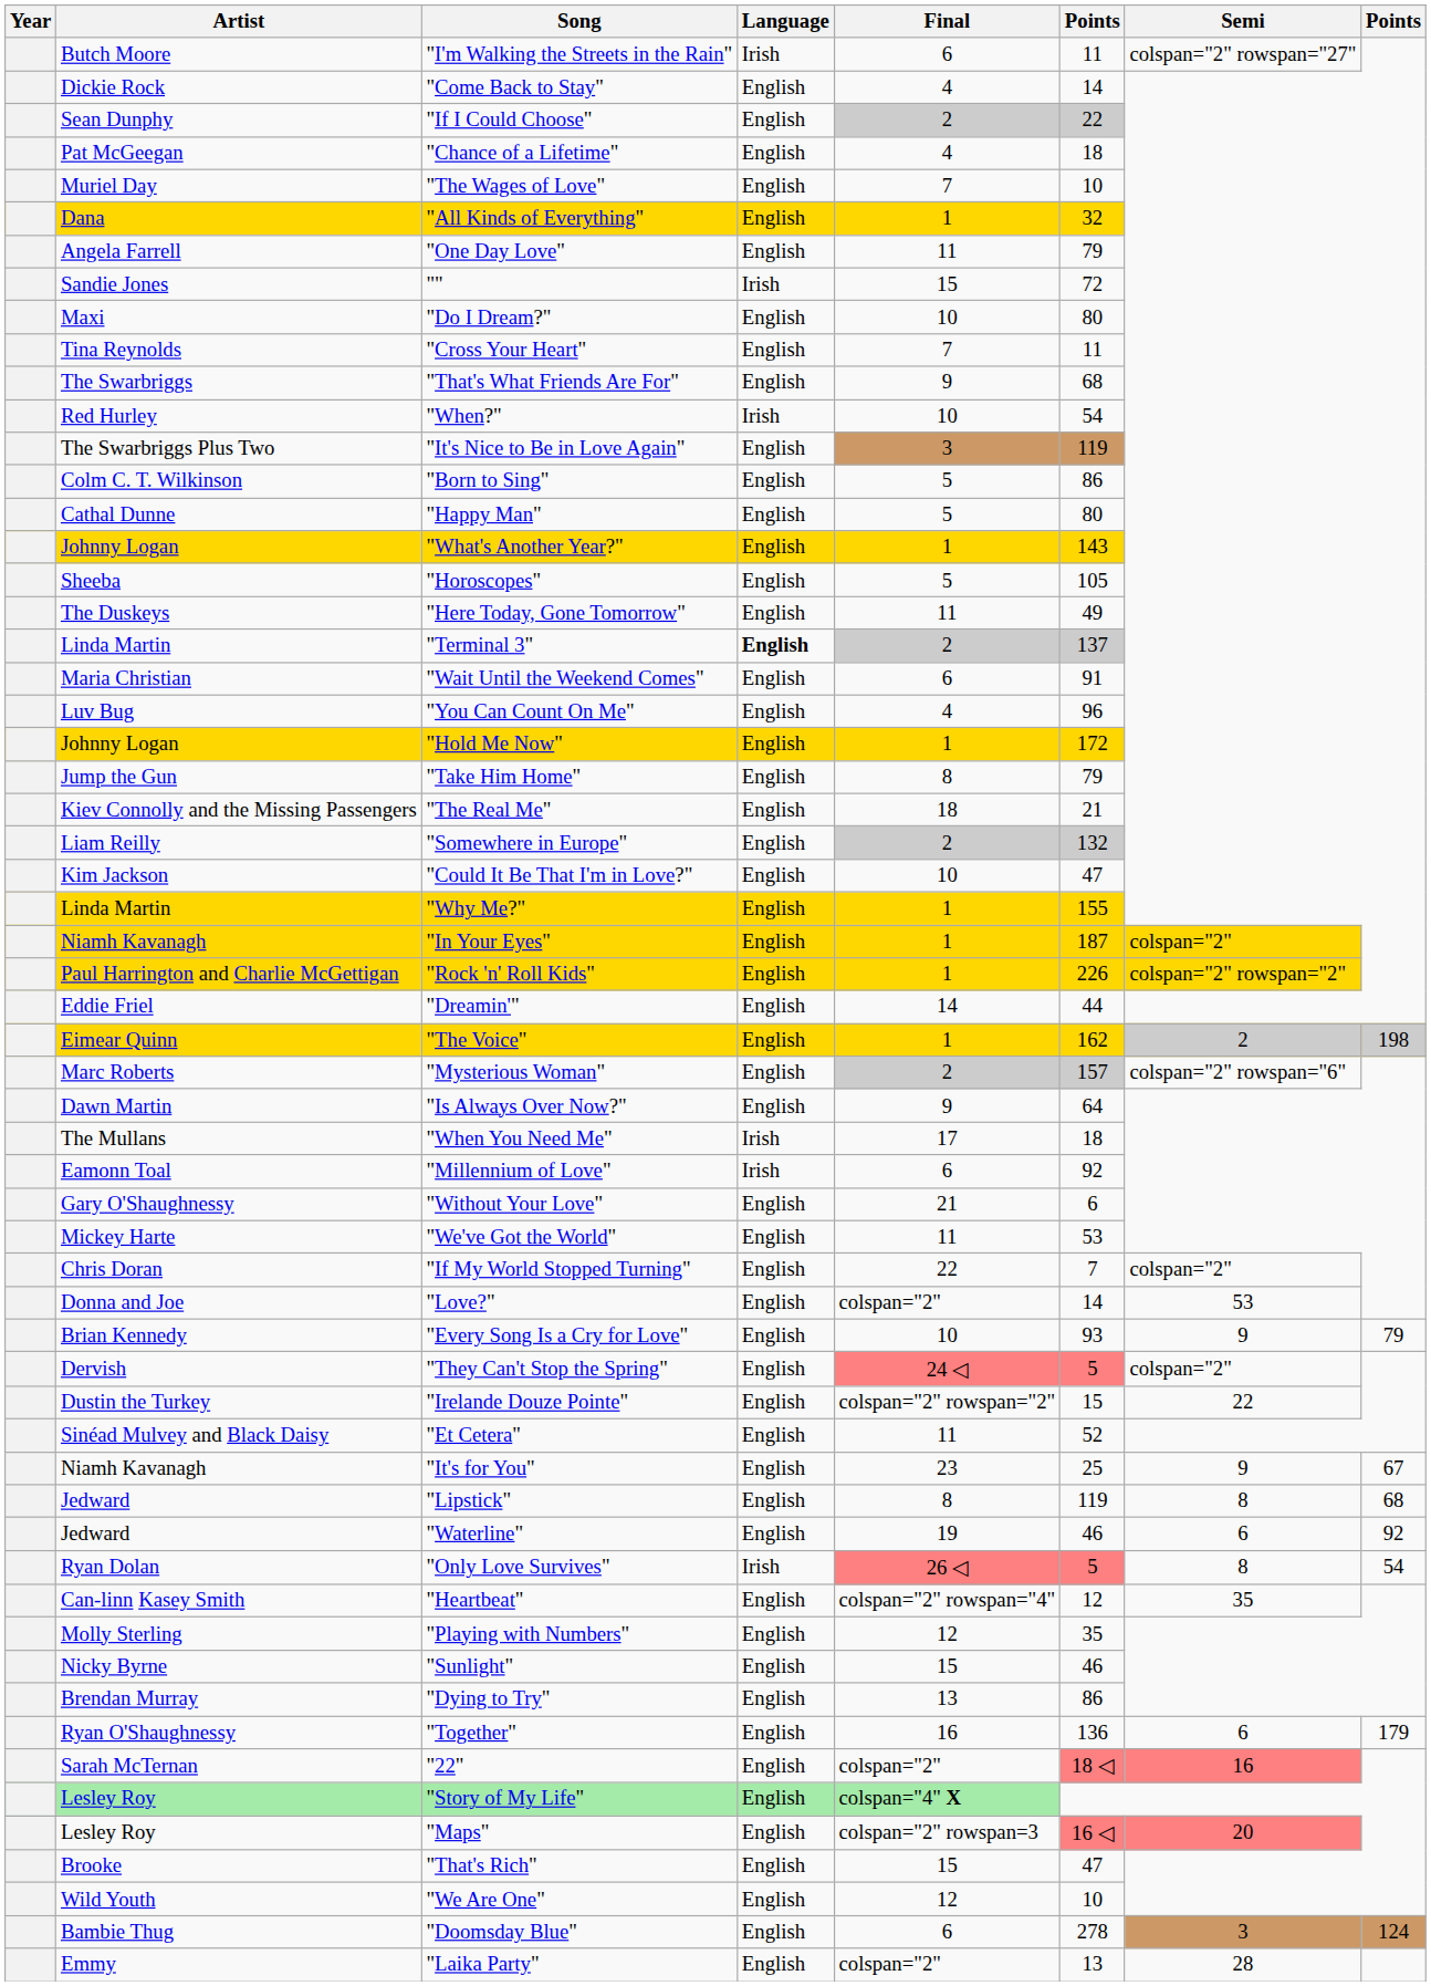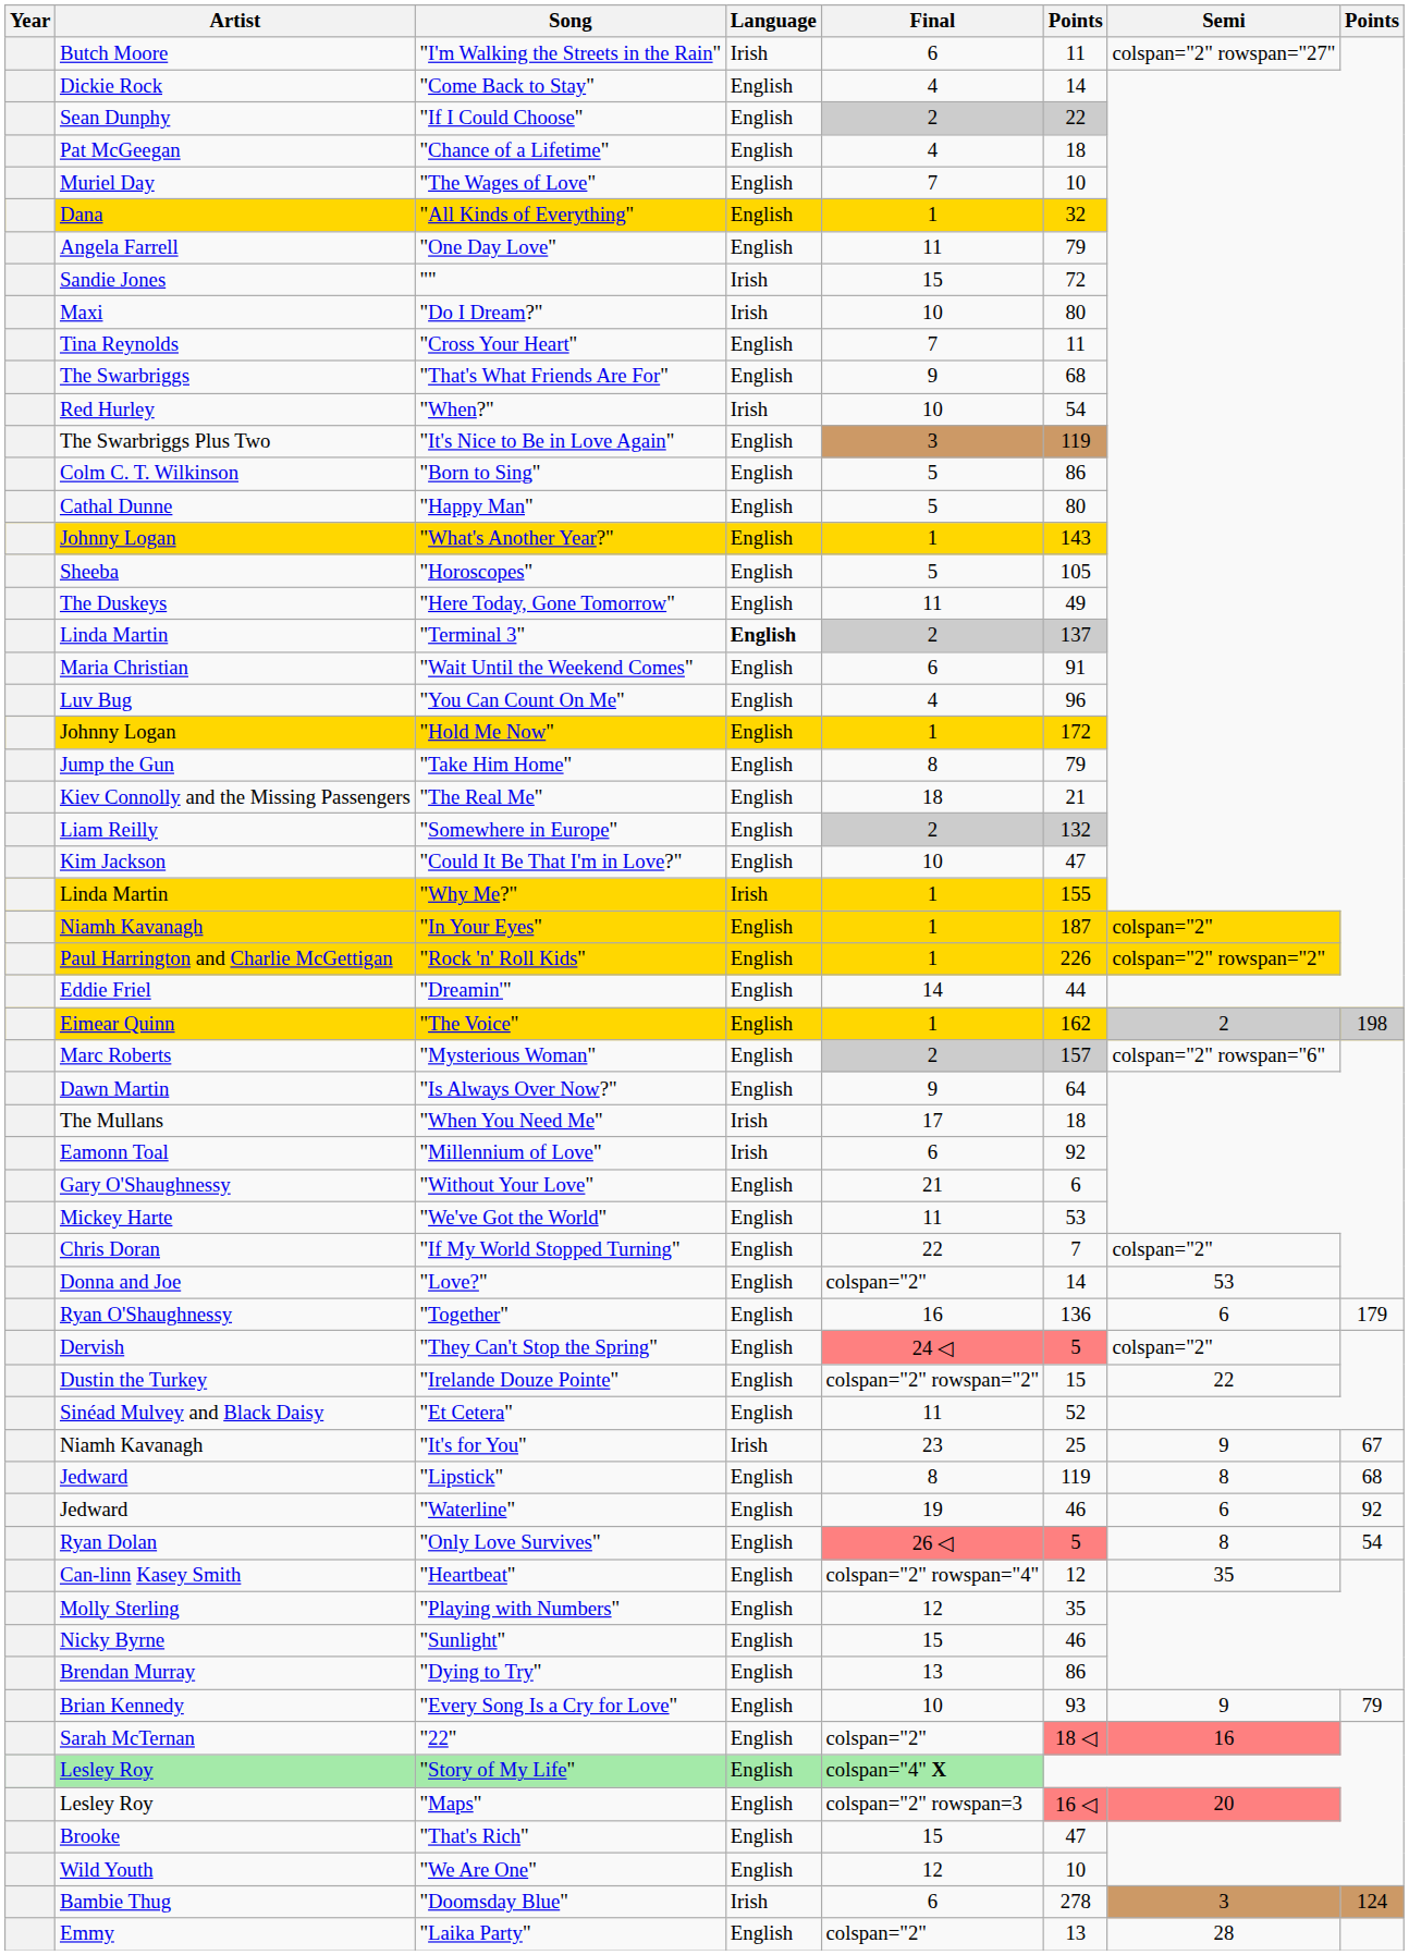 <table class="wikitable sortable plainrowheaders">
 <tr>
 <th scope="col">Year</th>
 <th scope="col">Artist</th>
 <th scope="col">Song</th>
 <th scope="col">Language</th>
 <th scope="col" data-sort-type="number">Final</th>
 <th scope="col" data-sort-type="number">Points</th>
 <th scope="col" data-sort-type="number">Semi</th>
 <th scope="col" data-sort-type="number">Points</th>
 </tr>
 <tr>
 <th scope="row" style="text-align:center;"></th>
 <td><a href='#'>Butch Moore</a></td>
 <td>"<a href='#'>I'm Walking the Streets in the Rain</a>"</td>
 <td>Irish</td>
 <td style="text-align:center;">6</td>
 <td style="text-align:center;">11</td>
 <td>colspan="2" rowspan="27" </td>
 </tr>
 <tr>
 <th scope="row" style="text-align:center;"></th>
 <td><a href='#'>Dickie Rock</a></td>
 <td>"<a href='#'>Come Back to Stay</a>"</td>
 <td>English</td>
 <td style="text-align:center;">4</td>
 <td style="text-align:center;">14</td>
 </tr>
 <tr>
 <th scope="row" style="text-align:center;"></th>
 <td><a href='#'>Sean Dunphy</a></td>
 <td>"<a href='#'>If I Could Choose</a>"</td>
 <td>English</td>
 <td style="text-align:center; background-color:#CCC;">2</td>
 <td style="text-align:center; background-color:#CCC;">22</td>
 </tr>
 <tr>
 <th scope="row" style="text-align:center;"></th>
 <td><a href='#'>Pat McGeegan</a></td>
 <td>"<a href='#'>Chance of a Lifetime</a>"</td>
 <td>English</td>
 <td style="text-align:center;">4</td>
 <td style="text-align:center;">18</td>
 </tr>
 <tr>
 <th scope="row" style="text-align:center;"></th>
 <td><a href='#'>Muriel Day</a></td>
 <td>"<a href='#'>The Wages of Love</a>"</td>
 <td>English</td>
 <td style="text-align:center;">7</td>
 <td style="text-align:center;">10</td>
 </tr>
 <tr style="background-color:#FFD700;">
 <th scope="row" style="text-align:center;"></th>
 <td><a href='#'>Dana</a></td>
 <td>"<a href='#'>All Kinds of Everything</a>"</td>
 <td>English</td>
 <td style="text-align:center;">1</td>
 <td style="text-align:center;">32</td>
 </tr>
 <tr>
 <th scope="row" style="text-align:center;"></th>
 <td><a href='#'>Angela Farrell</a></td>
 <td>"<a href='#'>One Day Love</a>"</td>
 <td>English</td>
 <td style="text-align:center;">11</td>
 <td style="text-align:center;">79</td>
 </tr>
 <tr>
 <th scope="row" style="text-align:center;"></th>
 <td><a href='#'>Sandie Jones</a></td>
 <td>""</td>
 <td>Irish</td>
 <td style="text-align:center;">15</td>
 <td style="text-align:center;">72</td>
 </tr>
 <tr>
 <th scope="row" style="text-align:center;"></th>
 <td><a href='#'>Maxi</a></td>
 <td>"<a href='#'>Do I Dream</a>?"</td>
-<td>English</td>
+<td>Irish</td>
 <td style="text-align:center;">10</td>
 <td style="text-align:center;">80</td>
 </tr>
 <tr>
 <th scope="row" style="text-align:center;"></th>
 <td><a href='#'>Tina Reynolds</a></td>
 <td>"<a href='#'>Cross Your Heart</a>"</td>
 <td>English</td>
 <td style="text-align:center;">7</td>
 <td style="text-align:center;">11</td>
 </tr>
 <tr>
 <th scope="row" style="text-align:center;"></th>
 <td><a href='#'>The Swarbriggs</a></td>
 <td>"<a href='#'>That's What Friends Are For</a>"</td>
 <td>English</td>
 <td style="text-align:center;">9</td>
 <td style="text-align:center;">68</td>
 </tr>
 <tr>
 <th scope="row" style="text-align:center;"></th>
 <td><a href='#'>Red Hurley</a></td>
 <td>"<a href='#'>When</a>?"</td>
 <td>Irish</td>
 <td style="text-align:center;">10</td>
 <td style="text-align:center;">54</td>
 </tr>
 <tr>
 <th scope="row" style="text-align:center;"></th>
 <td>The Swarbriggs Plus Two</td>
 <td>"<a href='#'>It's Nice to Be in Love Again</a>"</td>
 <td>English</td>
 <td style="text-align:center; background-color:#C96;">3</td>
 <td style="text-align:center; background-color:#C96;">119</td>
 </tr>
 <tr>
 <th scope="row" style="text-align:center;"></th>
 <td><a href='#'>Colm C. T. Wilkinson</a></td>
 <td>"<a href='#'>Born to Sing</a>"</td>
 <td>English</td>
 <td style="text-align:center;">5</td>
 <td style="text-align:center;">86</td>
 </tr>
 <tr>
 <th scope="row" style="text-align:center;"></th>
 <td><a href='#'>Cathal Dunne</a></td>
 <td>"<a href='#'>Happy Man</a>"</td>
 <td>English</td>
 <td style="text-align:center;">5</td>
 <td style="text-align:center;">80</td>
 </tr>
 <tr style="background-color:#FFD700;">
 <th scope="row" style="text-align:center;"></th>
 <td><a href='#'>Johnny Logan</a></td>
 <td>"<a href='#'>What's Another Year</a>?"</td>
 <td>English</td>
 <td style="text-align:center;">1</td>
 <td style="text-align:center;">143</td>
 </tr>
 <tr>
 <th scope="row" style="text-align:center;"></th>
 <td><a href='#'>Sheeba</a></td>
 <td>"<a href='#'>Horoscopes</a>"</td>
 <td>English</td>
 <td style="text-align:center;">5</td>
 <td style="text-align:center;">105</td>
 </tr>
 <tr>
 <th scope="row" style="text-align:center;"></th>
 <td><a href='#'>The Duskeys</a></td>
 <td>"<a href='#'>Here Today, Gone Tomorrow</a>"</td>
 <td>English</td>
 <td style="text-align:center;">11</td>
 <td style="text-align:center;">49</td>
 </tr>
 <tr>
 <th scope="row" style="text-align:center;"></th>
 <td><a href='#'>Linda Martin</a></td>
 <td>"<a href='#'>Terminal 3</a>"</td>
 <td><strong>English</strong></td>
 <td style="text-align:center; background-color:#CCC;">2</td>
 <td style="text-align:center; background-color:#CCC;">137</td>
 </tr>
 <tr>
 <th scope="row" style="text-align:center;"></th>
 <td><a href='#'>Maria Christian</a></td>
 <td>"<a href='#'>Wait Until the Weekend Comes</a>"</td>
 <td>English</td>
 <td style="text-align:center;">6</td>
 <td style="text-align:center;">91</td>
 </tr>
 <tr>
 <th scope="row" style="text-align:center;"></th>
 <td><a href='#'>Luv Bug</a></td>
 <td>"<a href='#'>You Can Count On Me</a>"</td>
 <td>English</td>
 <td style="text-align:center;">4</td>
 <td style="text-align:center;">96</td>
 </tr>
 <tr style="background-color:#FFD700;">
 <th scope="row" style="text-align:center;"></th>
 <td>Johnny Logan</td>
 <td>"<a href='#'>Hold Me Now</a>"</td>
 <td>English</td>
 <td style="text-align:center;">1</td>
 <td style="text-align:center;">172</td>
 </tr>
 <tr>
 <th scope="row" style="text-align:center;"></th>
 <td><a href='#'>Jump the Gun</a></td>
 <td>"<a href='#'>Take Him Home</a>"</td>
 <td>English</td>
 <td style="text-align:center;">8</td>
 <td style="text-align:center;">79</td>
 </tr>
 <tr>
 <th scope="row" style="text-align:center;"></th>
 <td><a href='#'>Kiev Connolly</a> and the Missing Passengers</td>
 <td>"<a href='#'>The Real Me</a>"</td>
 <td>English</td>
 <td style="text-align:center;">18</td>
 <td style="text-align:center;">21</td>
 </tr>
 <tr>
 <th scope="row" style="text-align:center;"></th>
 <td><a href='#'>Liam Reilly</a></td>
 <td>"<a href='#'>Somewhere in Europe</a>"</td>
 <td>English</td>
 <td style="text-align:center; background-color:#CCC;">2</td>
 <td style="text-align:center; background-color:#CCC;">132</td>
 </tr>
 <tr>
 <th scope="row" style="text-align:center;"></th>
 <td><a href='#'>Kim Jackson</a></td>
 <td>"<a href='#'>Could It Be That I'm in Love</a>?"</td>
 <td>English</td>
 <td style="text-align:center;">10</td>
 <td style="text-align:center;">47</td>
 </tr>
 <tr style="background-color:#FFD700;">
 <th scope="row" style="text-align:center;"></th>
 <td>Linda Martin</td>
 <td>"<a href='#'>Why Me</a>?"</td>
-<td>English</td>
+<td>Irish</td>
 <td style="text-align:center;">1</td>
 <td style="text-align:center;">155</td>
 </tr>
 <tr style="background-color:#FFD700;">
 <th scope="row" style="text-align:center;"></th>
 <td><a href='#'>Niamh Kavanagh</a></td>
 <td>"<a href='#'>In Your Eyes</a>"</td>
 <td>English</td>
 <td style="text-align:center;">1</td>
 <td style="text-align:center;">187</td>
 <td>colspan="2" </td>
 </tr>
 <tr style="background-color:#FFD700;">
 <th scope="row" style="text-align:center;"></th>
 <td><a href='#'>Paul Harrington</a> and <a href='#'>Charlie McGettigan</a></td>
 <td>"<a href='#'>Rock 'n' Roll Kids</a>"</td>
 <td>English</td>
 <td style="text-align:center;">1</td>
 <td style="text-align:center;">226</td>
 <td>colspan="2" rowspan="2" </td>
 </tr>
 <tr>
 <th scope="row" style="text-align:center;"></th>
 <td><a href='#'>Eddie Friel</a></td>
 <td>"<a href='#'>Dreamin'</a><span>"</span></td>
 <td>English</td>
 <td style="text-align:center;">14</td>
 <td style="text-align:center;">44</td>
 </tr>
 <tr style="background-color:#FFD700;">
 <th scope="row" style="text-align:center;"></th>
 <td><a href='#'>Eimear Quinn</a></td>
 <td>"<a href='#'>The Voice</a>"</td>
 <td>English</td>
 <td style="text-align:center;">1</td>
 <td style="text-align:center;">162</td>
 <td style="text-align:center; background-color:#CCC;">2</td>
 <td style="text-align:center; background-color:#CCC;">198</td>
 </tr>
 <tr>
 <th scope="row" style="text-align:center;"></th>
 <td><a href='#'>Marc Roberts</a></td>
 <td>"<a href='#'>Mysterious Woman</a>"</td>
 <td>English</td>
 <td style="text-align:center; background-color:#CCC;">2</td>
 <td style="text-align:center; background-color:#CCC;">157</td>
 <td>colspan="2" rowspan="6" </td>
 </tr>
 <tr>
 <th scope="row" style="text-align:center;"></th>
 <td><a href='#'>Dawn Martin</a></td>
 <td>"<a href='#'>Is Always Over Now</a>?"</td>
 <td>English</td>
 <td style="text-align:center;">9</td>
 <td style="text-align:center;">64</td>
 </tr>
 <tr>
 <th scope="row" style="text-align:center;"></th>
 <td>The Mullans</td>
 <td>"<a href='#'>When You Need Me</a>"</td>
 <td>Irish</td>
 <td style="text-align:center;">17</td>
 <td style="text-align:center;">18</td>
 </tr>
 <tr>
 <th scope="row" style="text-align:center;"></th>
 <td><a href='#'>Eamonn Toal</a></td>
 <td>"<a href='#'>Millennium of Love</a>"</td>
 <td>Irish</td>
 <td style="text-align:center;">6</td>
 <td style="text-align:center;">92</td>
 </tr>
 <tr>
 <th scope="row" style="text-align:center;"></th>
 <td><a href='#'>Gary O'Shaughnessy</a></td>
 <td>"<a href='#'>Without Your Love</a>"</td>
 <td>English</td>
 <td style="text-align:center;">21</td>
 <td style="text-align:center;">6</td>
 </tr>
 <tr>
 <th scope="row" style="text-align:center;"></th>
 <td><a href='#'>Mickey Harte</a></td>
 <td>"<a href='#'>We've Got the World</a>"</td>
 <td>English</td>
 <td style="text-align:center;">11</td>
 <td style="text-align:center;">53</td>
 </tr>
 <tr>
 <th scope="row" style="text-align:center;"></th>
 <td><a href='#'>Chris Doran</a></td>
 <td>"<a href='#'>If My World Stopped Turning</a>"</td>
 <td>English</td>
 <td style="text-align:center;">22</td>
 <td style="text-align:center;">7</td>
 <td>colspan="2" </td>
 </tr>
 <tr>
 <th scope="row" style="text-align:center;"></th>
 <td><a href='#'>Donna and Joe</a></td>
 <td>"<a href='#'>Love?</a>"</td>
 <td>English</td>
 <td>colspan="2" </td>
 <td style="text-align:center;">14</td>
 <td style="text-align:center;">53</td>
 </tr>
 <tr>
 <th scope="row" style="text-align:center;"></th>
-<td><a href='#'>Brian Kennedy</a></td>
-<td>"<a href='#'>Every Song Is a Cry for Love</a>"</td>
+<td><a href='#'>Ryan O'Shaughnessy</a></td>
+<td>"<a href='#'>Together</a>"</td>
 <td>English</td>
-<td style="text-align:center;">10</td>
-<td style="text-align:center;">93</td>
-<td style="text-align:center;">9</td>
-<td style="text-align:center;">79</td>
+<td style="text-align:center;">16</td>
+<td style="text-align:center;">136</td>
+<td style="text-align:center;">6</td>
+<td style="text-align:center;">179</td>
 </tr>
 <tr>
 <th scope="row" style="text-align:center;"></th>
 <td><a href='#'>Dervish</a></td>
 <td>"<a href='#'>They Can't Stop the Spring</a>"</td>
 <td>English</td>
 <td style="text-align:center; background-color:#FE8080;">24 ◁</td>
 <td style="text-align:center; background-color:#FE8080;">5</td>
 <td>colspan="2" </td>
 </tr>
 <tr>
 <th scope="row" style="text-align:center;"></th>
 <td><a href='#'>Dustin the Turkey</a></td>
 <td>"<a href='#'>Irelande Douze Pointe</a>"</td>
 <td>English</td>
 <td>colspan="2" rowspan="2" </td>
 <td style="text-align:center;">15</td>
 <td style="text-align:center;">22</td>
 </tr>
 <tr>
 <th scope="row" style="text-align:center;"></th>
 <td><a href='#'>Sinéad Mulvey</a> and <a href='#'>Black Daisy</a></td>
 <td>"<a href='#'>Et Cetera</a>"</td>
 <td>English</td>
 <td style="text-align:center;">11</td>
 <td style="text-align:center;">52</td>
 </tr>
 <tr>
 <th scope="row" style="text-align:center;"></th>
 <td>Niamh Kavanagh</td>
 <td>"<a href='#'>It's for You</a>"</td>
-<td>English</td>
+<td>Irish</td>
 <td style="text-align:center;">23</td>
 <td style="text-align:center;">25</td>
 <td style="text-align:center;">9</td>
 <td style="text-align:center;">67</td>
 </tr>
 <tr>
 <th scope="row" style="text-align:center;"></th>
 <td><a href='#'>Jedward</a></td>
 <td>"<a href='#'>Lipstick</a>"</td>
 <td>English</td>
 <td style="text-align:center;">8</td>
 <td style="text-align:center;">119</td>
 <td style="text-align:center;">8</td>
 <td style="text-align:center;">68</td>
 </tr>
 <tr>
 <th scope="row" style="text-align:center;"></th>
 <td>Jedward</td>
 <td>"<a href='#'>Waterline</a>"</td>
 <td>English</td>
 <td style="text-align:center;">19</td>
 <td style="text-align:center;">46</td>
 <td style="text-align:center;">6</td>
 <td style="text-align:center;">92</td>
 </tr>
 <tr>
 <th scope="row" style="text-align:center;"></th>
 <td><a href='#'>Ryan Dolan</a></td>
 <td>"<a href='#'>Only Love Survives</a>"</td>
-<td>Irish</td>
+<td>English</td>
 <td style="text-align:center; background-color:#FE8080;">26 ◁</td>
 <td style="text-align:center; background-color:#FE8080;">5</td>
 <td style="text-align:center;">8</td>
 <td style="text-align:center;">54</td>
 </tr>
 <tr>
 <th scope="row" style="text-align:center;"></th>
 <td><a href='#'>Can-linn</a>  <a href='#'>Kasey Smith</a></td>
 <td>"<a href='#'>Heartbeat</a>"</td>
 <td>English</td>
 <td>colspan="2" rowspan="4" </td>
 <td style="text-align:center;">12</td>
 <td style="text-align:center;">35</td>
 </tr>
 <tr>
 <th scope="row" style="text-align:center;"></th>
 <td><a href='#'>Molly Sterling</a></td>
 <td>"<a href='#'>Playing with Numbers</a>"</td>
 <td>English</td>
 <td style="text-align:center;">12</td>
 <td style="text-align:center;">35</td>
 </tr>
 <tr>
 <th scope="row" style="text-align:center;"></th>
 <td><a href='#'>Nicky Byrne</a></td>
 <td>"<a href='#'>Sunlight</a>"</td>
 <td>English</td>
 <td style="text-align:center;">15</td>
 <td style="text-align:center;">46</td>
 </tr>
 <tr>
 <th scope="row" style="text-align:center;"></th>
 <td><a href='#'>Brendan Murray</a></td>
 <td>"<a href='#'>Dying to Try</a>"</td>
 <td>English</td>
 <td style="text-align:center;">13</td>
 <td style="text-align:center;">86</td>
 </tr>
 <tr>
 <th scope="row" style="text-align:center;"></th>
-<td><a href='#'>Ryan O'Shaughnessy</a></td>
-<td>"<a href='#'>Together</a>"</td>
+<td><a href='#'>Brian Kennedy</a></td>
+<td>"<a href='#'>Every Song Is a Cry for Love</a>"</td>
 <td>English</td>
-<td style="text-align:center;">16</td>
-<td style="text-align:center;">136</td>
-<td style="text-align:center;">6</td>
-<td style="text-align:center;">179</td>
+<td style="text-align:center;">10</td>
+<td style="text-align:center;">93</td>
+<td style="text-align:center;">9</td>
+<td style="text-align:center;">79</td>
 </tr>
 <tr>
 <th scope="row" style="text-align:center;"></th>
 <td><a href='#'>Sarah McTernan</a></td>
 <td>"<a href='#'>22</a>"</td>
 <td>English</td>
 <td>colspan="2" </td>
 <td style="text-align:center; background-color:#FE8080;">18 ◁</td>
 <td style="text-align:center; background-color:#FE8080;">16</td>
 </tr>
 <tr style="background-color:#A4EAA9;">
 <th scope="row" style="text-align:center;"></th>
 <td><a href='#'>Lesley Roy</a></td>
 <td>"<a href='#'>Story of My Life</a>"</td>
 <td>English</td>
 <td>colspan="4"  <strong>X</strong></td>
 </tr>
 <tr>
 <th scope="row" style="text-align:center;"></th>
 <td>Lesley Roy</td>
 <td>"<a href='#'>Maps</a>"</td>
 <td>English</td>
 <td>colspan="2" rowspan=3 </td>
 <td style="text-align:center; background-color:#FE8080;">16 ◁</td>
 <td style="text-align:center; background-color:#FE8080;">20</td>
 </tr>
 <tr>
 <th scope="row" style="text-align:center;"></th>
 <td><a href='#'>Brooke</a></td>
 <td>"<a href='#'>That's Rich</a>"</td>
 <td>English</td>
 <td style="text-align:center;">15</td>
 <td style="text-align:center;">47</td>
 </tr>
 <tr>
 <th scope="row" style="text-align:center;"></th>
 <td><a href='#'>Wild Youth</a></td>
 <td>"<a href='#'>We Are One</a>"</td>
 <td>English</td>
 <td style="text-align:center;">12</td>
 <td style="text-align:center;">10</td>
 </tr>
 <tr>
 <th scope="row" style="text-align:center;"></th>
 <td><a href='#'>Bambie Thug</a></td>
 <td>"<a href='#'>Doomsday Blue</a>"</td>
-<td>English</td>
+<td>Irish</td>
 <td style="text-align:center;">6</td>
 <td style="text-align:center;">278</td>
 <td style="text-align:center; background-color:#C96;">3</td>
 <td style="text-align:center; background-color:#C96;">124</td>
 </tr>
 <tr>
 <th scope="row" style="text-align:center;"></th>
 <td><a href='#'>Emmy</a></td>
 <td>"<a href='#'>Laika Party</a>"</td>
 <td>English</td>
 <td>colspan="2" </td>
 <td style="text-align:center;">13</td>
 <td style="text-align:center;">28</td>
 </tr>
 </table>
